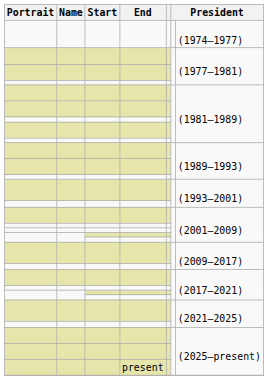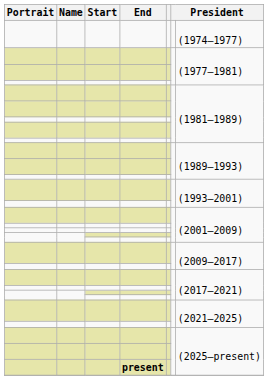 <table class="wikitable sortable">
 <tr>
 <th class=unsortable>Portrait</th>
 <th>Name</th>
 <th>Start</th>
 <th>End</th>
 <th class=unsortable></th>
 <th colspan=2>President</th>
 </tr>
 <tr>
 <td></td>
 <td></td>
 <td></td>
 <td></td>
 <td></td>
 <td style="background: "></td>
 <td><br>(1974–1977)</td>
 </tr>
 <tr>
 <td style="background-color:#E6E6AA;"></td>
 <td style="background-color:#E6E6AA;"><br></td>
 <td style="background-color:#E6E6AA;"></td>
 <td style="background-color:#E6E6AA;"></td>
 <td style="background-color:#E6E6AA;"></td>
 <td rowspan=3 style="background: "></td>
 <td rowspan=3><br>(1977–1981)</td>
 </tr>
 <tr bgcolor="#e6e6aa">
 <td></td>
 <td><br></td>
 <td></td>
 <td></td>
 <td></td>
 </tr>
 <tr>
 <td></td>
 <td></td>
 <td></td>
 <td></td>
 <td></td>
 </tr>
 <tr>
 <td style="background-color:#E6E6AA;"></td>
 <td style="background-color:#E6E6AA;"><br></td>
 <td style="background-color:#E6E6AA;"></td>
 <td style="background-color:#E6E6AA;"></td>
 <td style="background-color:#E6E6AA;"></td>
 <td rowspan=5 style="background: "></td>
 <td rowspan=5><br>(1981–1989)</td>
 </tr>
 <tr bgcolor="#e6e6aa">
 <td></td>
 <td><br></td>
 <td></td>
 <td></td>
 <td></td>
 </tr>
 <tr>
 <td></td>
 <td></td>
 <td></td>
 <td></td>
 <td></td>
 </tr>
 <tr bgcolor="#e6e6aa">
 <td></td>
 <td><br></td>
 <td></td>
 <td></td>
 <td></td>
 </tr>
 <tr>
 <td></td>
 <td></td>
 <td></td>
 <td></td>
 <td></td>
 </tr>
 <tr>
 <td style="background-color:#E6E6AA;"></td>
 <td style="background-color:#E6E6AA;"><br></td>
 <td style="background-color:#E6E6AA;"></td>
 <td style="background-color:#E6E6AA;"></td>
 <td style="background-color:#E6E6AA;"></td>
 <td rowspan=3 style="background: "></td>
 <td rowspan=3><br>(1989–1993)</td>
 </tr>
 <tr bgcolor="#e6e6aa">
 <td></td>
 <td><br></td>
 <td></td>
 <td></td>
 <td></td>
 </tr>
 <tr>
 <td></td>
 <td></td>
 <td></td>
 <td></td>
 <td></td>
 </tr>
 <tr>
 <td style="background-color:#E6E6AA;"></td>
 <td style="background-color:#E6E6AA;"><br></td>
 <td style="background-color:#E6E6AA;"></td>
 <td style="background-color:#E6E6AA;"></td>
 <td style="background-color:#E6E6AA;"></td>
 <td rowspan=2 style="background: "></td>
 <td rowspan=2><br>(1993–2001)</td>
 </tr>
 <tr>
 <td></td>
 <td></td>
 <td></td>
 <td></td>
 <td></td>
 </tr>
 <tr>
 <td style="background-color:#E6E6AA;"></td>
 <td style="background-color:#E6E6AA;"><br></td>
 <td style="background-color:#E6E6AA;"></td>
 <td style="background-color:#E6E6AA;"></td>
 <td style="background-color:#E6E6AA;"></td>
 <td rowspan=5 style="background: "></td>
 <td rowspan=5><br>(2001–2009)</td>
 </tr>
 <tr>
 <td></td>
 <td></td>
 <td></td>
 <td></td>
 <td></td>
 </tr>
 <tr>
 <td></td>
 <td></td>
 <td></td>
 <td></td>
 <td></td>
 </tr>
 <tr>
 <td rowspan=2></td>
 <td rowspan=2></td>
 <td style="background-color:#E6E6AA;"></td>
 <td style="background-color:#E6E6AA;"></td>
 <td style="background-color:#E6E6AA;"></td>
 </tr>
 <tr>
 <td></td>
 <td></td>
 <td></td>
 </tr>
 <tr>
 <td style="background-color:#E6E6AA;"></td>
 <td style="background-color:#E6E6AA;"><br></td>
 <td style="background-color:#E6E6AA;"></td>
 <td style="background-color:#E6E6AA;"></td>
 <td style="background-color:#E6E6AA;"></td>
 <td rowspan=2 style="background: "></td>
 <td rowspan=2><br>(2009–2017)</td>
 </tr>
 <tr>
 <td></td>
 <td></td>
 <td></td>
 <td></td>
 <td></td>
 </tr>
 <tr>
 <td style="background-color:#E6E6AA;"></td>
 <td style="background-color:#E6E6AA;"><br></td>
 <td style="background-color:#E6E6AA;"></td>
 <td style="background-color:#E6E6AA;"></td>
 <td style="background-color:#E6E6AA;"></td>
 <td rowspan=4 style="background: "></td>
 <td rowspan=4><br>(2017–2021)</td>
 </tr>
 <tr>
 <td></td>
 <td></td>
 <td></td>
 <td></td>
 <td></td>
 </tr>
 <tr>
 <td rowspan=2></td>
 <td rowspan=2></td>
 <td style="background-color:#E6E6AA;"></td>
 <td style="background-color:#E6E6AA;"></td>
 <td style="background-color:#E6E6AA;"></td>
 </tr>
 <tr>
 <td></td>
 <td></td>
 <td></td>
 </tr>
 <tr>
 <td style="background-color:#E6E6AA;"></td>
 <td style="background-color:#E6E6AA;"><br></td>
 <td style="background-color:#E6E6AA;"></td>
 <td style="background-color:#E6E6AA;"></td>
 <td style="background-color:#E6E6AA;"></td>
 <td rowspan=2 style="background: "></td>
 <td rowspan=2><br>(2021–2025)</td>
 </tr>
 <tr>
 <td></td>
 <td></td>
 <td></td>
 <td></td>
 <td></td>
 </tr>
 <tr>
 <td style="background-color:#E6E6AA;"></td>
 <td style="background-color:#E6E6AA;"><br></td>
 <td style="background-color:#E6E6AA;"></td>
 <td style="background-color:#E6E6AA;"></td>
 <td style="background-color:#E6E6AA;"></td>
 <td rowspan=3 style="background: "></td>
 <td rowspan=3><br>(2025–present)</td>
 </tr>
 <tr bgcolor="#e6e6aa">
 <td></td>
 <td><br></td>
 <td></td>
 <td></td>
 <td></td>
 </tr>
 <tr bgcolor="#e6e6aa">
 <td></td>
 <td><br></td>
 <td></td>
-<td>present</td>
+<td><strong>present</strong></td>
 <td></td>
 </tr>
 <tr>
 </tr>
 </table>
